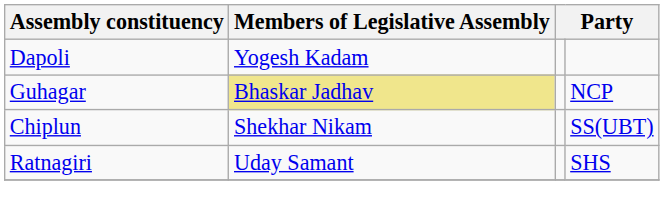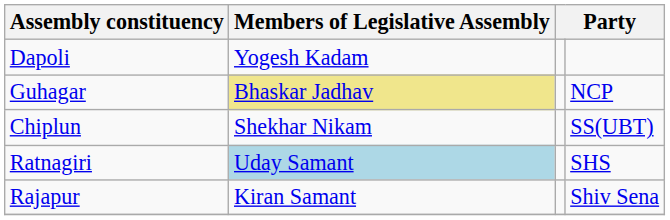 <table class="wikitable sortable">
 <tr>
 <th>Assembly constituency</th>
 <th>Members of Legislative Assembly</th>
 <th colspan="2">Party</th>
 </tr>
 <tr>
 <td><a href='#'>Dapoli</a></td>
 <td><a href='#'>Yogesh Kadam</a></td>
 <td></td>
 </tr>
 <tr>
 <td><a href='#'>Guhagar</a></td>
 <td style="background: khaki;"><a href='#'>Bhaskar Jadhav</a></td>
 <td></td>
 <td><a href='#'>NCP</a></td>
 </tr>
 <tr>
 <td><a href='#'>Chiplun</a></td>
 <td><a href='#'>Shekhar Nikam</a></td>
 <td style="background-color: "></td>
 <td><a href='#'>SS(UBT)</a></td>
 </tr>
 <tr>
 <td><a href='#'>Ratnagiri</a></td>
-<td><a href='#'>Uday Samant</a></td>
+<td style="background: lightblue;"><a href='#'>Uday Samant</a></td>
 <td style="background-color:"></td>
 <td><a href='#'>SHS</a></td>
 </tr>
 <tr>
+<td><a href='#'>Rajapur</a></td>
+<td><a href='#'>Kiran Samant</a></td>
+<td style="background-color: "></td>
+<td><a href='#'>Shiv Sena</a></td>
+</tr>
+<tr>
 </tr>
 </table>
